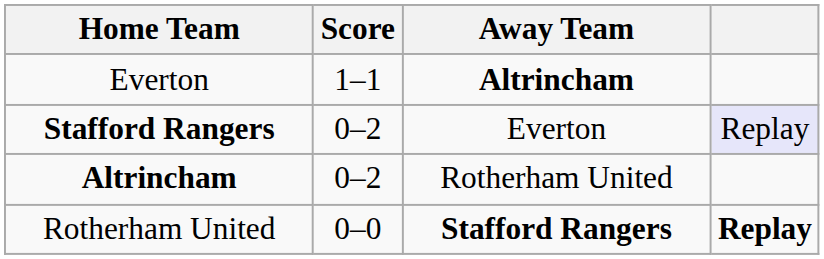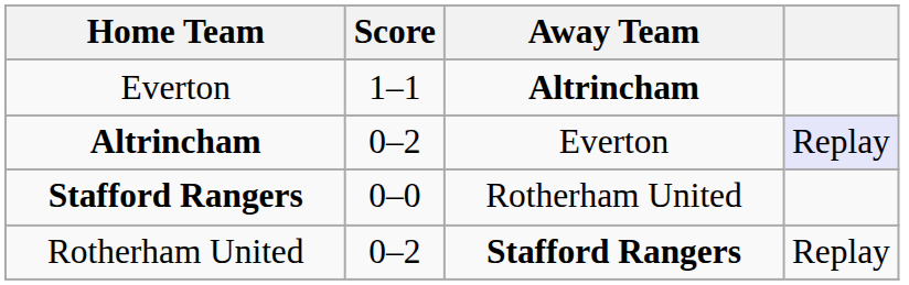 <table class="wikitable" style="text-align:center">
 <tr>
 <th width=150>Home Team</th>
 <th width=20>Score</th>
 <th width=150>Away Team</th>
 <th></th>
 </tr>
 <tr>
 <td>Everton</td>
 <td>1–1</td>
 <td><strong>Altrincham</strong></td>
 <td></td>
 </tr>
 <tr>
-<td><strong>Stafford Rangers</strong></td>
+<td><strong>Altrincham</strong></td>
 <td>0–2</td>
 <td>Everton</td>
 <td style="background: lavender;">Replay</td>
 </tr>
 <tr>
-<td><strong>Altrincham</strong></td>
-<td>0–2</td>
+<td><strong>Stafford Rangers</strong></td>
+<td>0–0</td>
 <td>Rotherham United</td>
 <td></td>
 </tr>
 <tr>
 <td>Rotherham United</td>
-<td>0–0</td>
+<td>0–2</td>
 <td><strong>Stafford Rangers</strong></td>
-<td><strong>Replay</strong></td>
+<td>Replay</td>
 </tr>
 </table>
